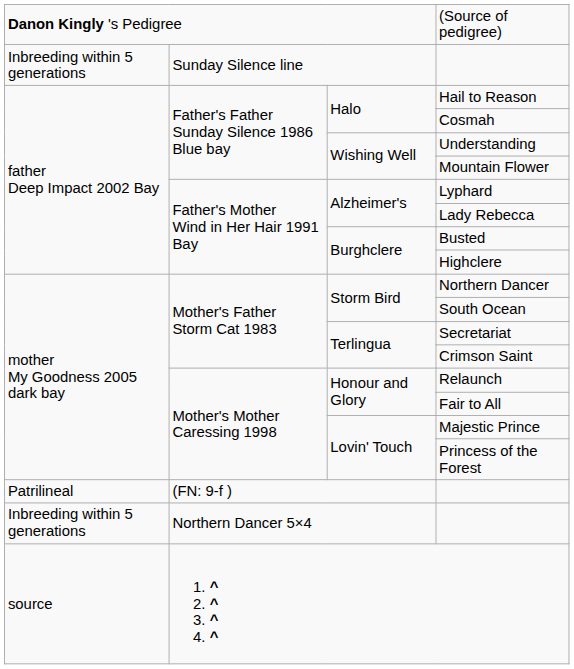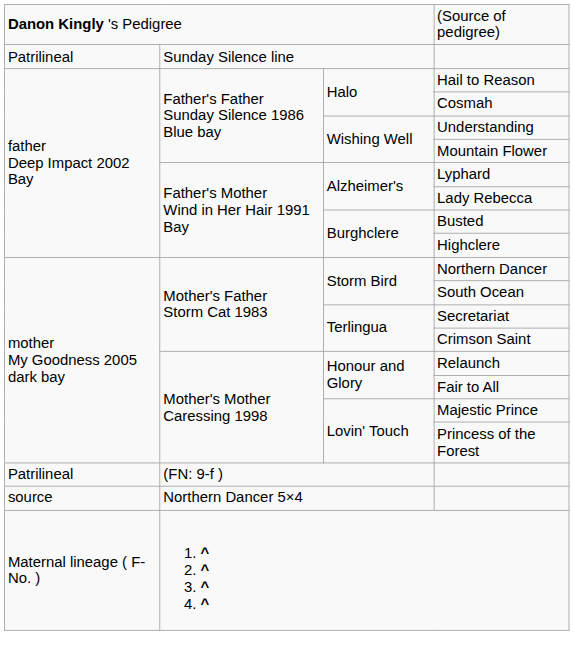 <table class="wikitable">
 <tr>
 <td colspan="3"><strong>Danon Kingly</strong> 's Pedigree</td>
 <td colspan="2">(Source of pedigree)</td>
 </tr>
 <tr>
-<td>Inbreeding within 5 generations</td>
+<td>Patrilineal</td>
 <td colspan="3">Sunday Silence line</td>
 <td></td>
 </tr>
 <tr>
 <td rowspan="8">father<br>Deep Impact 2002 Bay</td>
 <td rowspan="4">Father's Father<br> Sunday Silence 1986 Blue bay</td>
 <td rowspan="2">Halo</td>
 <td colspan="2">Hail to Reason</td>
 </tr>
 <tr>
 <td colspan="2">Cosmah</td>
 </tr>
 <tr>
 <td rowspan="2">Wishing Well</td>
 <td colspan="2">Understanding</td>
 </tr>
 <tr>
 <td colspan="2">Mountain Flower</td>
 </tr>
 <tr>
 <td rowspan="4">Father's Mother<br> Wind in Her Hair 1991 Bay</td>
 <td rowspan="2">Alzheimer's</td>
 <td colspan="2">Lyphard</td>
 </tr>
 <tr>
 <td colspan="2">Lady Rebecca</td>
 </tr>
 <tr>
 <td rowspan="2">Burghclere</td>
 <td colspan="2">Busted</td>
 </tr>
 <tr>
 <td colspan="2">Highclere</td>
 </tr>
 <tr>
 <td rowspan="8">mother<br>My Goodness 2005 dark bay</td>
 <td rowspan="4">Mother's Father<br>Storm Cat 1983</td>
 <td rowspan="2">Storm Bird</td>
 <td colspan="2">Northern Dancer</td>
 </tr>
 <tr>
 <td colspan="2">South Ocean</td>
 </tr>
 <tr>
 <td rowspan="2">Terlingua</td>
 <td colspan="2">Secretariat</td>
 </tr>
 <tr>
 <td colspan="2">Crimson Saint</td>
 </tr>
 <tr>
 <td rowspan="4">Mother's Mother<br>Caressing 1998</td>
 <td rowspan="2">Honour and Glory</td>
 <td colspan="2">Relaunch</td>
 </tr>
 <tr>
 <td colspan="2">Fair to All</td>
 </tr>
 <tr>
 <td rowspan="2">Lovin' Touch</td>
 <td colspan="2">Majestic Prince</td>
 </tr>
 <tr>
 <td colspan="2">Princess of the Forest</td>
 </tr>
 <tr>
 <td>Patrilineal</td>
 <td colspan="3">(FN: 9-f )</td>
 <td></td>
 </tr>
 <tr>
-<td>Inbreeding within 5 generations</td>
+<td>source</td>
 <td colspan="3">Northern Dancer 5×4</td>
 <td></td>
 </tr>
 <tr>
-<td>source</td>
+<td>Maternal lineage ( F-No. )</td>
 <td colspan="4"><br><ol><li><strong>^</strong></li><li><strong>^</strong></li><li><strong>^</strong></li><li><strong>^</strong></li></ol></td>
 </tr>
 </table>
